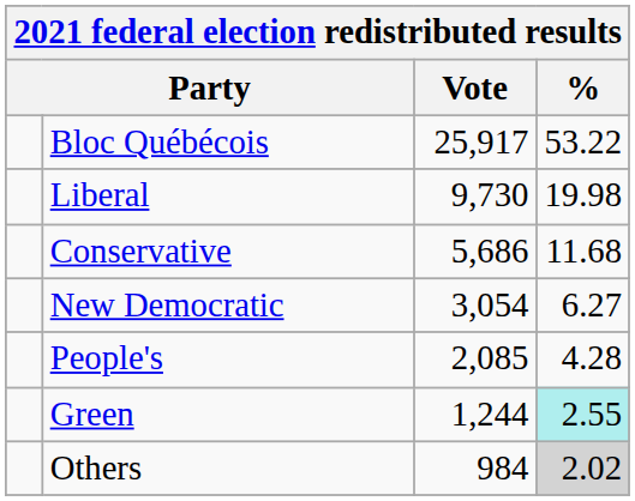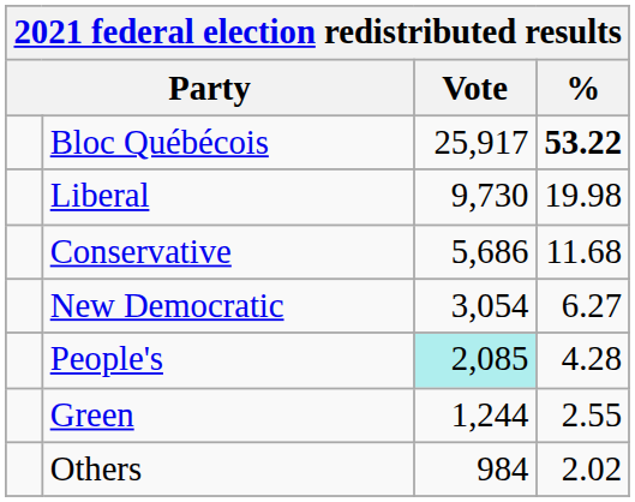 <table class="wikitable">
 <tr>
 <th colspan="4"><a href='#'>2021 federal election</a> redistributed results</th>
 </tr>
 <tr>
 <th bgcolor="#DDDDFF" width="130px" colspan="2">Party</th>
 <th bgcolor="#DDDDFF" width="50px">Vote</th>
 <th bgcolor="#DDDDFF" width="30px">%</th>
 </tr>
 <tr>
 <td> </td>
 <td><a href='#'>Bloc Québécois</a></td>
 <td align=right>25,917</td>
-<td align=right>53.22</td>
+<td align=right><strong>53.22</strong></td>
 </tr>
 <tr>
 <td> </td>
 <td><a href='#'>Liberal</a></td>
 <td align=right>9,730</td>
 <td align=right>19.98</td>
 </tr>
 <tr>
 <td> </td>
 <td><a href='#'>Conservative</a></td>
 <td align=right>5,686</td>
 <td align=right>11.68</td>
 </tr>
 <tr>
 <td> </td>
 <td><a href='#'>New Democratic</a></td>
 <td align=right>3,054</td>
 <td align=right>6.27</td>
 </tr>
 <tr>
 <td> </td>
 <td><a href='#'>People's</a></td>
-<td align=right>2,085</td>
+<td align=right style="background: paleturquoise;">2,085</td>
 <td align=right>4.28</td>
 </tr>
 <tr>
 <td> </td>
 <td><a href='#'>Green</a></td>
 <td align=right>1,244</td>
-<td align=right style="background: paleturquoise;">2.55</td>
+<td align=right>2.55</td>
 </tr>
 <tr>
 <td> </td>
 <td>Others</td>
 <td align=right>984</td>
-<td align=right style="background: lightgrey;">2.02</td>
+<td align=right>2.02</td>
 </tr>
 </table>
